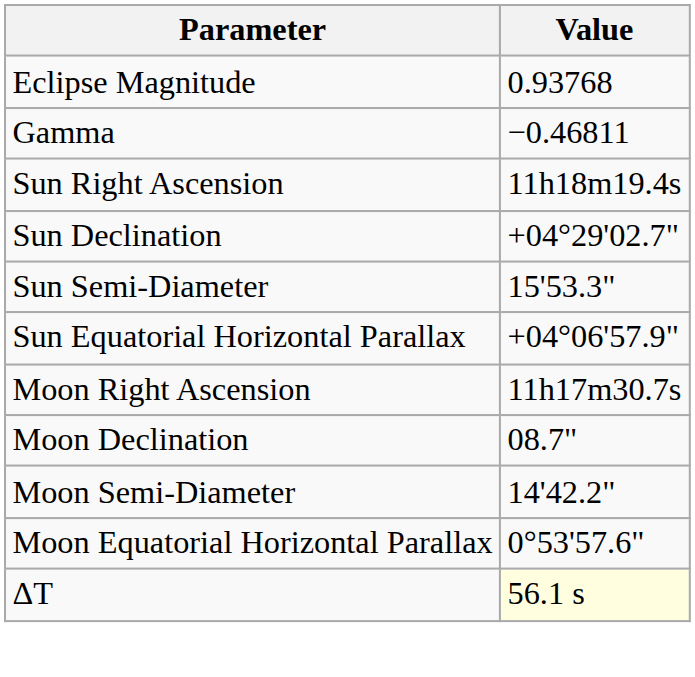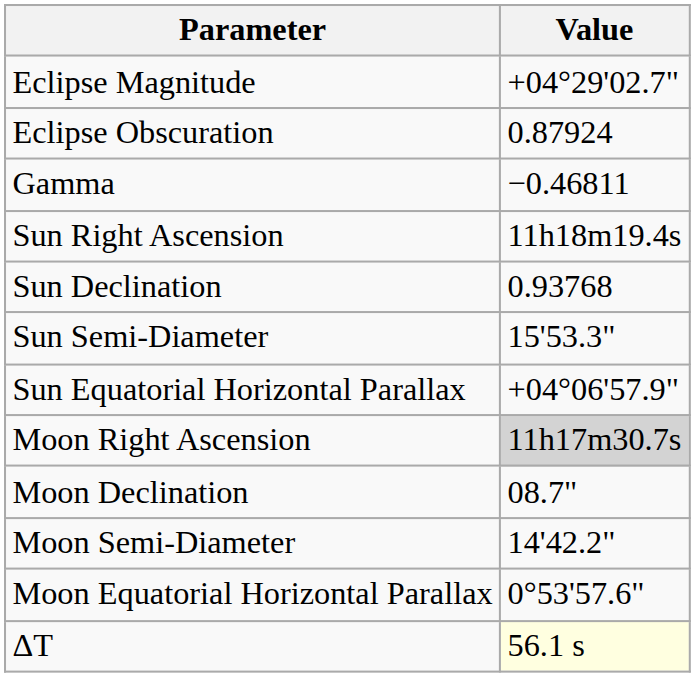 <table class="wikitable">
 <tr>
 <th>Parameter</th>
 <th>Value</th>
 </tr>
 <tr>
 <td>Eclipse Magnitude</td>
-<td>0.93768</td>
+<td>+04°29'02.7"</td>
+</tr>
+<tr>
+<td>Eclipse Obscuration</td>
+<td>0.87924</td>
 </tr>
 <tr>
 <td>Gamma</td>
 <td>−0.46811</td>
 </tr>
 <tr>
 <td>Sun Right Ascension</td>
 <td>11h18m19.4s</td>
 </tr>
 <tr>
 <td>Sun Declination</td>
-<td>+04°29'02.7"</td>
+<td>0.93768</td>
 </tr>
 <tr>
 <td>Sun Semi-Diameter</td>
 <td>15'53.3"</td>
 </tr>
 <tr>
 <td>Sun Equatorial Horizontal Parallax</td>
 <td>+04°06'57.9"</td>
 </tr>
 <tr>
 <td>Moon Right Ascension</td>
-<td>11h17m30.7s</td>
+<td style="background: lightgrey;">11h17m30.7s</td>
 </tr>
 <tr>
 <td>Moon Declination</td>
 <td>08.7"</td>
 </tr>
 <tr>
 <td>Moon Semi-Diameter</td>
 <td>14'42.2"</td>
 </tr>
 <tr>
 <td>Moon Equatorial Horizontal Parallax</td>
 <td>0°53'57.6"</td>
 </tr>
 <tr>
 <td>ΔT</td>
 <td style="background: lightyellow;">56.1 s</td>
 </tr>
 </table>
